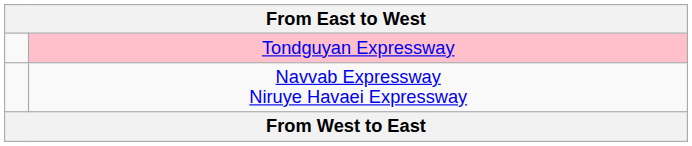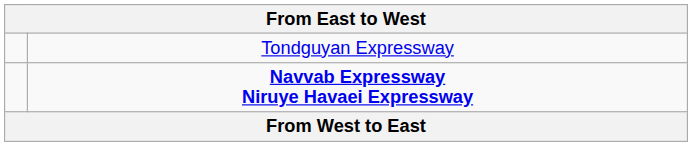 <table class="wikitable" style="text-align:center" width="600px">
 <tr>
 <th text-align="center" colspan="3"> From East to West </th>
 </tr>
 <tr>
 <td><br></td>
-<td style="background: pink;"> <a href='#'>Tondguyan Expressway</a></td>
+<td> <a href='#'>Tondguyan Expressway</a></td>
 </tr>
 <tr>
 <td><br></td>
-<td> <a href='#'>Navvab Expressway</a><br> <a href='#'>Niruye Havaei Expressway</a></td>
+<td><strong> <a href='#'>Navvab Expressway</a><br> <a href='#'>Niruye Havaei Expressway</a></strong></td>
 </tr>
 <tr>
 <th text-align="center" colspan="3"> From West to East </th>
 </tr>
 </table>
